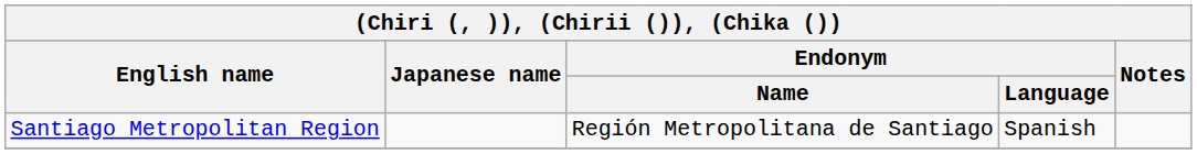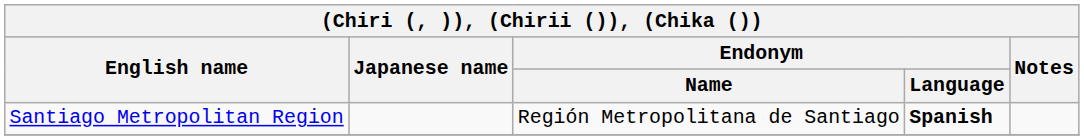 <table class="wikitable sortable">
 <tr>
 <th colspan="5"> (Chiri (, )), (Chirii ()), (Chika ())</th>
 </tr>
 <tr>
 <th rowspan="2">English name</th>
 <th rowspan="2">Japanese name</th>
 <th colspan="2">Endonym</th>
 <th rowspan="2">Notes</th>
 </tr>
 <tr>
 <th>Name</th>
 <th>Language</th>
 </tr>
 <tr>
 <td><a href='#'>Santiago Metropolitan Region</a></td>
 <td></td>
 <td>Región Metropolitana de Santiago</td>
-<td>Spanish</td>
+<td><strong>Spanish</strong></td>
 <td></td>
 </tr>
 <tr>
 </tr>
 </table>
